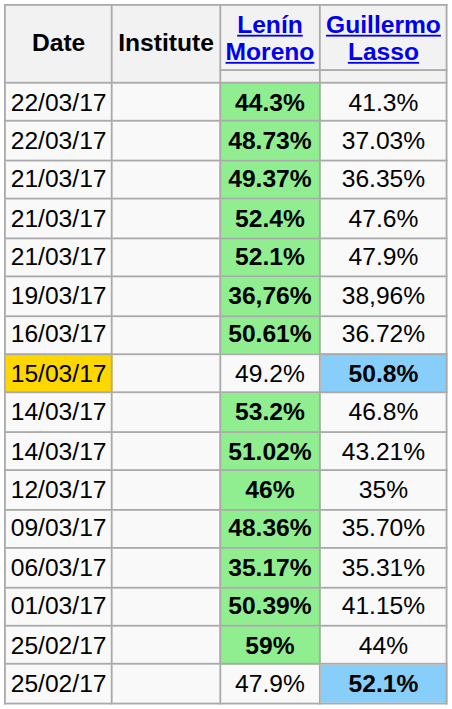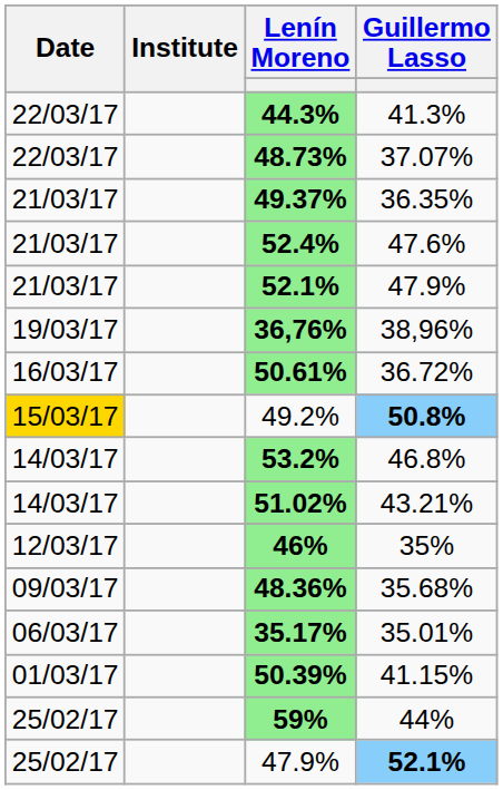 <table class="wikitable" style="font-size:85%;text-align:center;">
 <tr>
 <th rowspan="2">Date</th>
 <th rowspan="2">Institute</th>
 <th><a href='#'>Lenín<br>Moreno</a></th>
 <th><a href='#'>Guillermo<br>Lasso</a></th>
 </tr>
 <tr>
 <th style="background-color:"></th>
 <th style="background-color:"></th>
 </tr>
 <tr>
 <td>22/03/17</td>
 <td></td>
 <td style="background:lightgreen"><strong>44.3%</strong></td>
 <td>41.3%</td>
 </tr>
 <tr>
 <td>22/03/17</td>
 <td></td>
 <td style="background:lightgreen"><strong>48.73%</strong></td>
-<td>37.03%</td>
+<td>37.07%</td>
 </tr>
 <tr>
 <td>21/03/17</td>
 <td></td>
 <td style="background:lightgreen"><strong>49.37%</strong></td>
 <td>36.35%</td>
 </tr>
 <tr>
 <td>21/03/17</td>
 <td></td>
 <td style="background:lightgreen"><strong>52.4%</strong></td>
 <td>47.6%</td>
 </tr>
 <tr>
 <td>21/03/17</td>
 <td></td>
 <td style="background:lightgreen"><strong>52.1%</strong></td>
 <td>47.9%</td>
 </tr>
 <tr>
 <td>19/03/17</td>
 <td></td>
 <td style="background:lightgreen"><strong>36,76%</strong></td>
 <td>38,96%</td>
 </tr>
 <tr>
 <td>16/03/17</td>
 <td></td>
 <td style="background:lightgreen"><strong>50.61%</strong></td>
 <td>36.72%</td>
 </tr>
 <tr>
 <td style="background: gold;">15/03/17</td>
 <td></td>
 <td>49.2%</td>
 <td style="background:lightskyblue"><strong>50.8%</strong></td>
 </tr>
 <tr>
 <td>14/03/17</td>
 <td></td>
 <td style="background:lightgreen"><strong>53.2%</strong></td>
 <td>46.8%</td>
 </tr>
 <tr>
 <td>14/03/17</td>
 <td></td>
 <td style="background:lightgreen"><strong>51.02%</strong></td>
 <td>43.21%</td>
 </tr>
 <tr>
 <td>12/03/17</td>
 <td></td>
 <td style="background:lightgreen"><strong>46%</strong></td>
 <td>35%</td>
 </tr>
 <tr>
 <td>09/03/17</td>
 <td></td>
 <td style="background:lightgreen"><strong>48.36%</strong></td>
-<td>35.70%</td>
+<td>35.68%</td>
 </tr>
 <tr>
 <td>06/03/17</td>
 <td></td>
 <td style="background:lightgreen"><strong>35.17%</strong></td>
-<td>35.31%</td>
+<td>35.01%</td>
 </tr>
 <tr>
 <td>01/03/17</td>
 <td></td>
 <td style="background:lightgreen"><strong>50.39%</strong></td>
 <td>41.15%</td>
 </tr>
 <tr>
 <td>25/02/17</td>
 <td></td>
 <td style="background:lightgreen"><strong>59%</strong></td>
 <td>44%</td>
 </tr>
 <tr>
 <td>25/02/17</td>
 <td></td>
 <td>47.9%</td>
 <td style="background:lightskyblue"><strong>52.1%</strong></td>
 </tr>
 </table>
